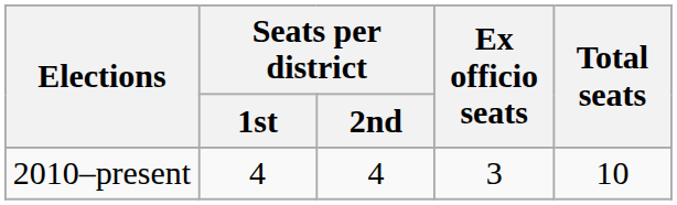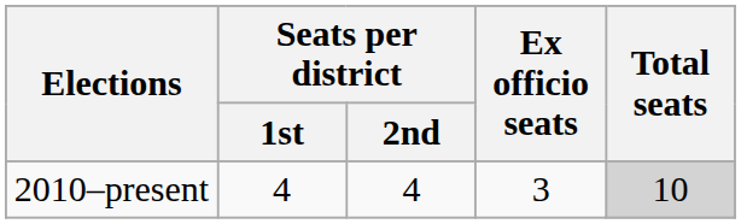 <table class="wikitable">
 <tr>
 <th rowspan="2">Elections</th>
 <th colspan="2">Seats per district</th>
 <th rowspan="2" width="50px">Ex officio seats</th>
 <th rowspan="2" width="50px">Total seats</th>
 </tr>
 <tr>
 <th width="50px">1st</th>
 <th width="50px">2nd</th>
 </tr>
 <tr align="center">
 <td>2010–present</td>
 <td>4</td>
 <td>4</td>
 <td>3</td>
-<td>10</td>
+<td style="background: lightgrey;">10</td>
 </tr>
 </table>
